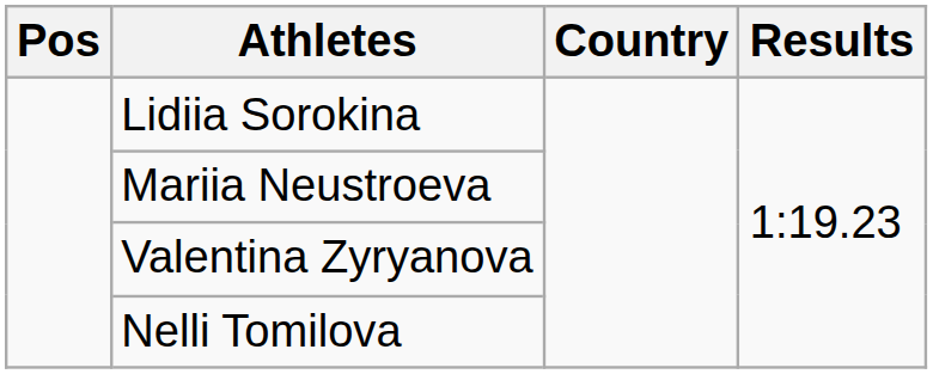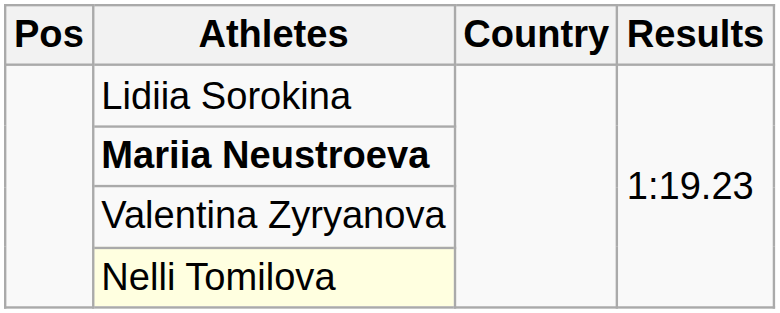 <table class="wikitable">
 <tr>
 <th>Pos</th>
 <th>Athletes</th>
 <th>Country</th>
 <th>Results</th>
 </tr>
 <tr>
 <td rowspan="4"></td>
 <td>Lidiia Sorokina</td>
 <td rowspan="4"></td>
 <td rowspan="4">1:19.23</td>
 </tr>
 <tr>
-<td>Mariia Neustroeva</td>
+<td><strong>Mariia Neustroeva</strong></td>
 </tr>
 <tr>
 <td>Valentina Zyryanova</td>
 </tr>
 <tr>
-<td>Nelli Tomilova</td>
+<td style="background: lightyellow;">Nelli Tomilova</td>
 </tr>
 </table>
